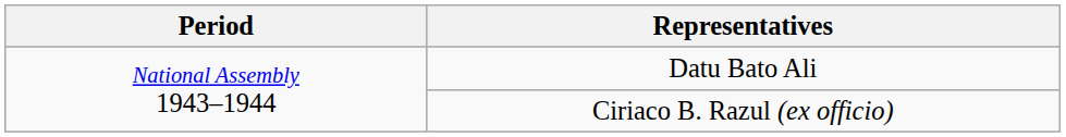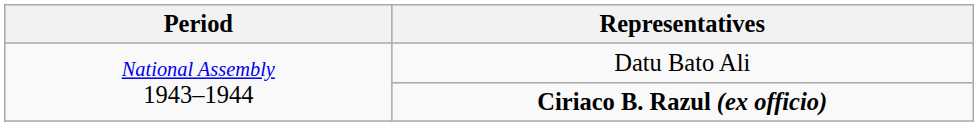 <table class="wikitable" style="text-align:center; width:40%;">
 <tr>
 <th width=40%>Period</th>
 <th>Representatives</th>
 </tr>
 <tr>
 <td rowspan=2><small><a href='#'><em>National Assembly</em></a></small><br>1943–1944</td>
 <td>Datu Bato Ali</td>
 </tr>
 <tr>
-<td>Ciriaco B. Razul <em>(ex officio)</em></td>
+<td><strong>Ciriaco B. Razul <em>(ex officio)</em></strong></td>
 </tr>
 </table>
